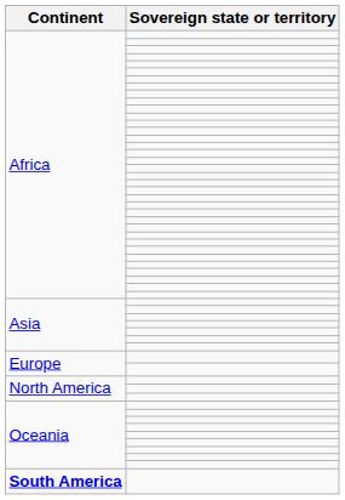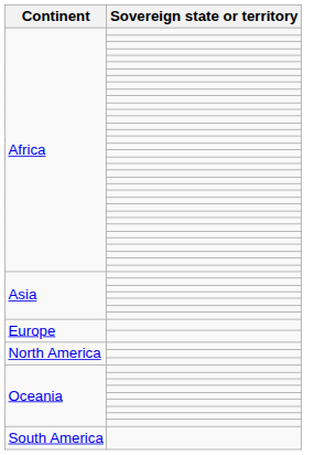 <table class="wikitable">
 <tr>
 <th>Continent</th>
 <th>Sovereign state or territory</th>
 </tr>
 <tr>
 <td rowspan=36><a href='#'>Africa</a></td>
 <td></td>
 </tr>
 <tr>
 <td></td>
 </tr>
 <tr>
 <td></td>
 </tr>
 <tr>
 <td></td>
 </tr>
 <tr>
 <td></td>
 </tr>
 <tr>
 <td></td>
 </tr>
 <tr>
 <td></td>
 </tr>
 <tr>
 <td></td>
 </tr>
 <tr>
 <td></td>
 </tr>
 <tr>
 <td></td>
 </tr>
 <tr>
 <td></td>
 </tr>
 <tr>
 <td></td>
 </tr>
 <tr>
 <td></td>
 </tr>
 <tr>
 <td></td>
 </tr>
 <tr>
 <td></td>
 </tr>
 <tr>
 <td></td>
 </tr>
 <tr>
 <td></td>
 </tr>
 <tr>
 <td></td>
 </tr>
 <tr>
 <td></td>
 </tr>
 <tr>
 <td></td>
 </tr>
 <tr>
 <td></td>
 </tr>
 <tr>
 <td></td>
 </tr>
 <tr>
 <td></td>
 </tr>
 <tr>
 <td></td>
 </tr>
 <tr>
 <td></td>
 </tr>
 <tr>
 <td></td>
 </tr>
 <tr>
 <td></td>
 </tr>
 <tr>
 <td></td>
 </tr>
 <tr>
 <td></td>
 </tr>
 <tr>
 <td></td>
 </tr>
 <tr>
 <td></td>
 </tr>
 <tr>
 <td></td>
 </tr>
 <tr>
 <td></td>
 </tr>
 <tr>
 <td></td>
 </tr>
 <tr>
 <td></td>
 </tr>
 <tr>
 <td></td>
 </tr>
 <tr>
 <td rowspan=7><a href='#'>Asia</a></td>
 <td></td>
 </tr>
 <tr>
 <td></td>
 </tr>
 <tr>
 <td></td>
 </tr>
 <tr>
 <td></td>
 </tr>
 <tr>
 <td></td>
 </tr>
 <tr>
 <td></td>
 </tr>
 <tr>
 <td></td>
 </tr>
 <tr>
 <td rowspan=2><a href='#'>Europe</a></td>
 <td></td>
 </tr>
 <tr>
 <td></td>
 </tr>
 <tr>
 <td rowspan=3><a href='#'>North America</a></td>
 <td></td>
 </tr>
 <tr>
 <td></td>
 </tr>
 <tr>
 <td></td>
 </tr>
 <tr>
 <td rowspan=9><a href='#'>Oceania</a></td>
 <td></td>
 </tr>
 <tr>
 <td></td>
 </tr>
 <tr>
 <td></td>
 </tr>
 <tr>
 <td></td>
 </tr>
 <tr>
 <td></td>
 </tr>
 <tr>
 <td></td>
 </tr>
 <tr>
 <td></td>
 </tr>
 <tr>
 <td></td>
 </tr>
 <tr>
 <td></td>
 </tr>
 <tr>
-<td><strong><a href='#'>South America</a></strong></td>
+<td><a href='#'>South America</a></td>
 <td></td>
 </tr>
 </table>
